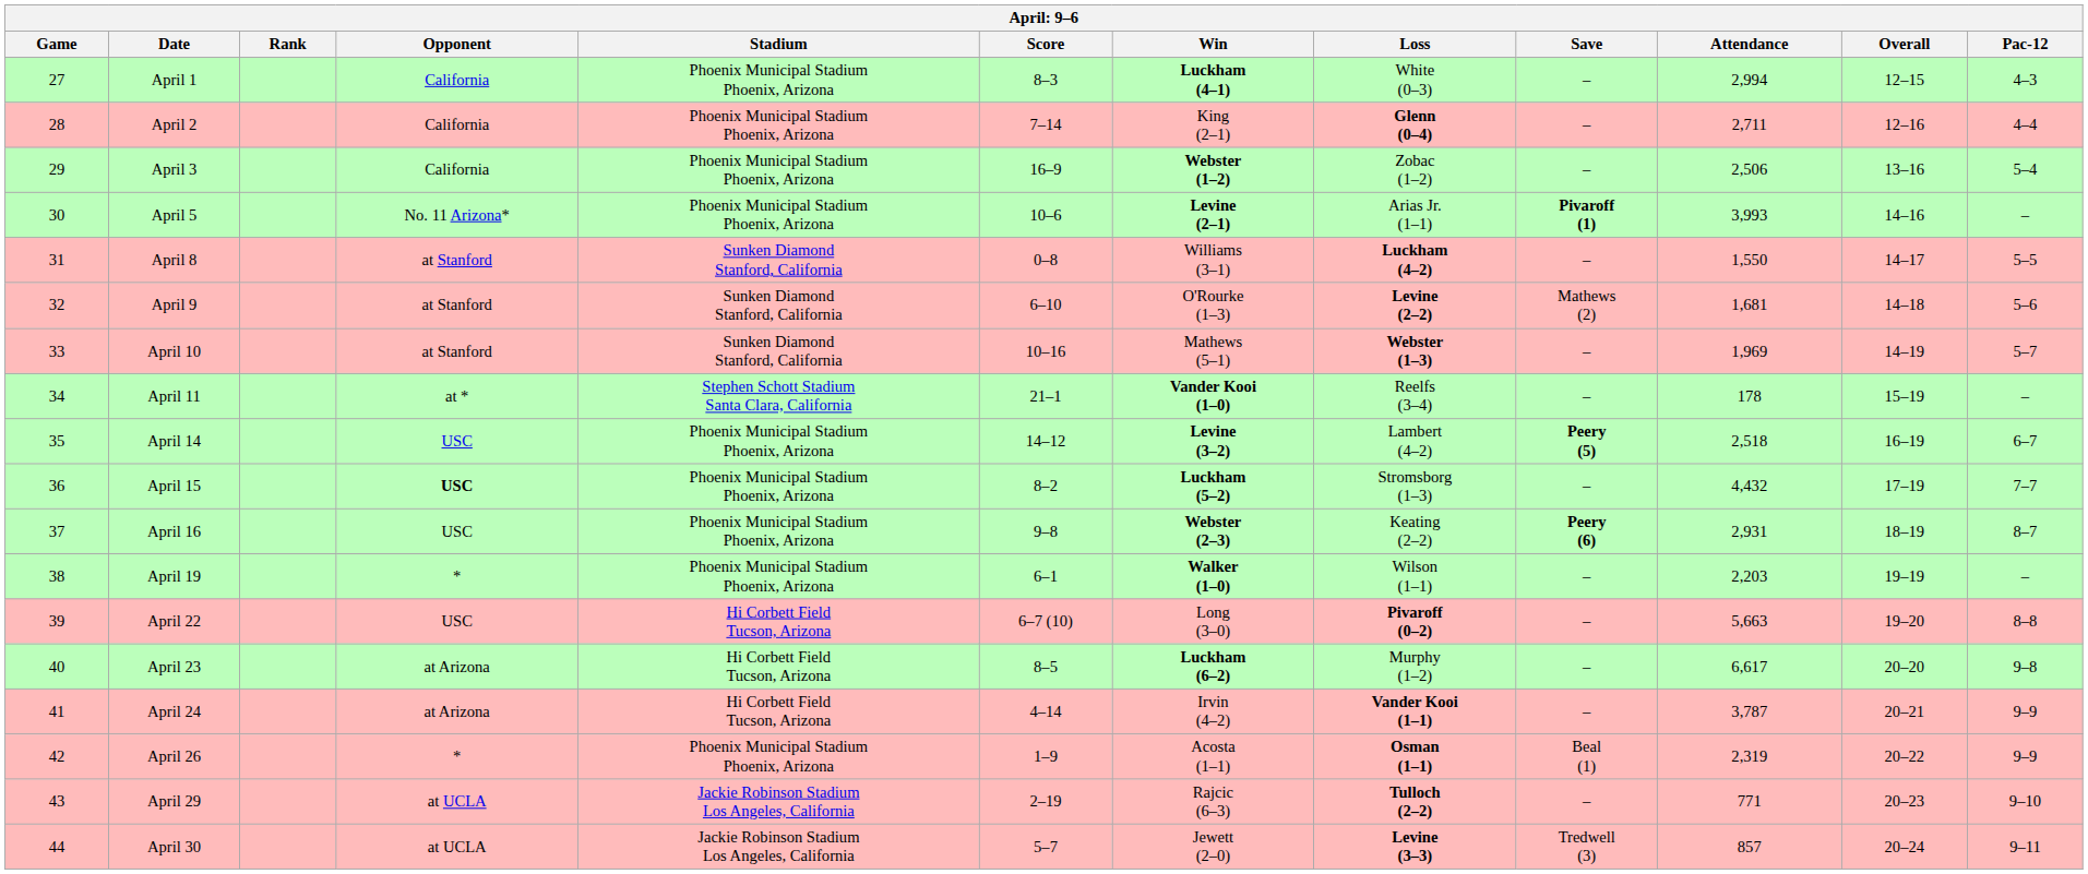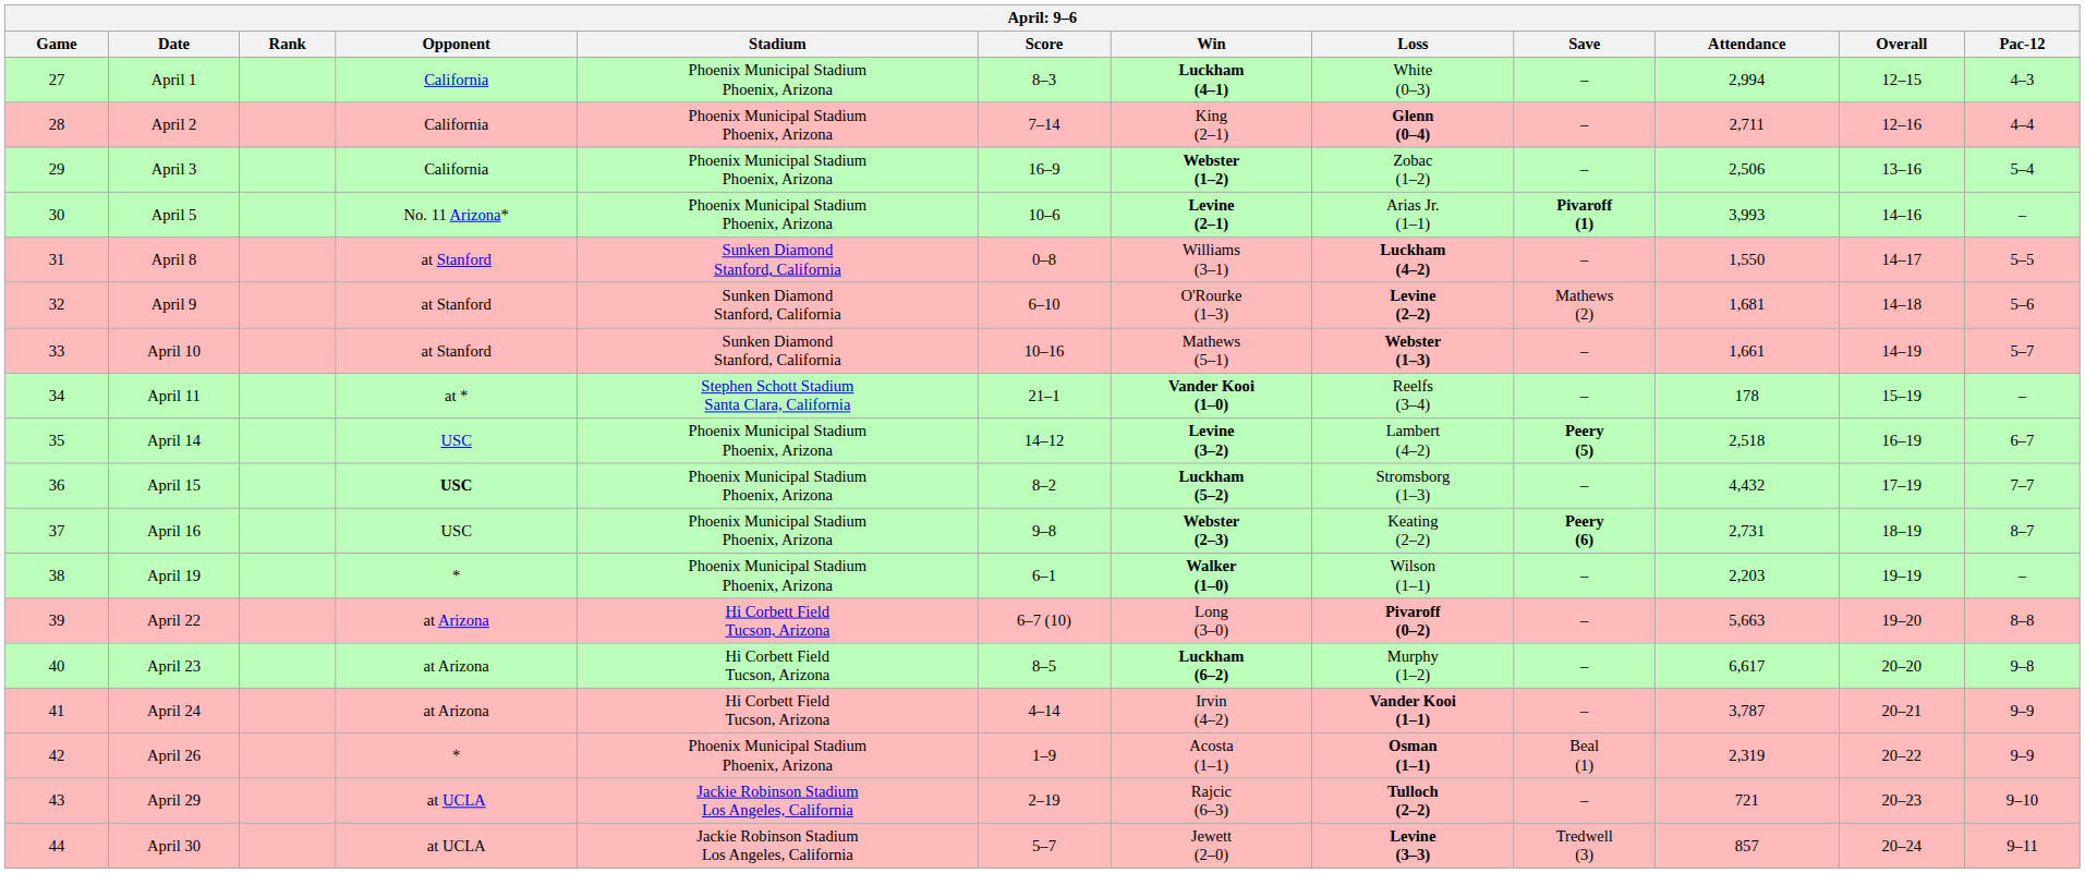 <table class="wikitable collapsible collapsed" style="margin:auto; width:100%; text-align:center; font-size:95%">
 <tr>
 <th colspan=12>April: 9–6</th>
 </tr>
 <tr>
 <th>Game</th>
 <th>Date</th>
 <th>Rank</th>
 <th>Opponent</th>
 <th>Stadium</th>
 <th>Score</th>
 <th>Win</th>
 <th>Loss</th>
 <th>Save</th>
 <th>Attendance</th>
 <th>Overall</th>
 <th>Pac-12</th>
 </tr>
 <tr style="background:#bfb;">
 <td>27</td>
 <td>April 1</td>
 <td></td>
 <td><a href='#'>California</a></td>
 <td>Phoenix Municipal Stadium<br>Phoenix, Arizona</td>
 <td>8–3</td>
 <td><strong>Luckham<br>(4–1)</strong></td>
 <td>White<br>(0–3)</td>
 <td>–</td>
 <td>2,994</td>
 <td>12–15</td>
 <td>4–3</td>
 </tr>
 <tr style="background:#fbb;">
 <td>28</td>
 <td>April 2</td>
 <td></td>
 <td>California</td>
 <td>Phoenix Municipal Stadium<br>Phoenix, Arizona</td>
 <td>7–14</td>
 <td>King<br>(2–1)</td>
 <td><strong>Glenn<br>(0–4)</strong></td>
 <td>–</td>
 <td>2,711</td>
 <td>12–16</td>
 <td>4–4</td>
 </tr>
 <tr style="background:#bfb;">
 <td>29</td>
 <td>April 3</td>
 <td></td>
 <td>California</td>
 <td>Phoenix Municipal Stadium<br>Phoenix, Arizona</td>
 <td>16–9</td>
 <td><strong>Webster<br>(1–2)</strong></td>
 <td>Zobac<br>(1–2)</td>
 <td>–</td>
 <td>2,506</td>
 <td>13–16</td>
 <td>5–4</td>
 </tr>
 <tr style="background:#bfb;">
 <td>30</td>
 <td>April 5</td>
 <td></td>
 <td>No. 11 <a href='#'>Arizona</a>*</td>
 <td>Phoenix Municipal Stadium<br>Phoenix, Arizona</td>
 <td>10–6</td>
 <td><strong>Levine<br>(2–1)</strong></td>
 <td>Arias Jr.<br>(1–1)</td>
 <td><strong>Pivaroff<br>(1)</strong></td>
 <td>3,993</td>
 <td>14–16</td>
 <td>–</td>
 </tr>
 <tr style="background:#fbb;">
 <td>31</td>
 <td>April 8</td>
 <td></td>
 <td>at <a href='#'>Stanford</a></td>
 <td><a href='#'>Sunken Diamond</a><br><a href='#'>Stanford, California</a></td>
 <td>0–8</td>
 <td>Williams<br>(3–1)</td>
 <td><strong>Luckham<br>(4–2)</strong></td>
 <td>–</td>
 <td>1,550</td>
 <td>14–17</td>
 <td>5–5</td>
 </tr>
 <tr style="background:#fbb;">
 <td>32</td>
 <td>April 9</td>
 <td></td>
 <td>at Stanford</td>
 <td>Sunken Diamond<br>Stanford, California</td>
 <td>6–10</td>
 <td>O'Rourke<br>(1–3)</td>
 <td><strong>Levine<br>(2–2)</strong></td>
 <td>Mathews<br>(2)</td>
 <td>1,681</td>
 <td>14–18</td>
 <td>5–6</td>
 </tr>
 <tr style="background:#fbb;">
 <td>33</td>
 <td>April 10</td>
 <td></td>
 <td>at Stanford</td>
 <td>Sunken Diamond<br>Stanford, California</td>
 <td>10–16</td>
 <td>Mathews<br>(5–1)</td>
 <td><strong>Webster<br>(1–3)</strong></td>
 <td>–</td>
-<td>1,969</td>
+<td>1,661</td>
 <td>14–19</td>
 <td>5–7</td>
 </tr>
 <tr style="background:#bfb;">
 <td>34</td>
 <td>April 11</td>
 <td></td>
 <td>at *</td>
 <td><a href='#'>Stephen Schott Stadium</a><br><a href='#'>Santa Clara, California</a></td>
 <td>21–1</td>
 <td><strong>Vander Kooi<br>(1–0)</strong></td>
 <td>Reelfs<br>(3–4)</td>
 <td>–</td>
 <td>178</td>
 <td>15–19</td>
 <td>–</td>
 </tr>
 <tr style="background:#bfb;">
 <td>35</td>
 <td>April 14</td>
 <td></td>
 <td><a href='#'>USC</a></td>
 <td>Phoenix Municipal Stadium<br>Phoenix, Arizona</td>
 <td>14–12</td>
 <td><strong>Levine<br>(3–2)</strong></td>
 <td>Lambert<br>(4–2)</td>
 <td><strong>Peery<br>(5)</strong></td>
 <td>2,518</td>
 <td>16–19</td>
 <td>6–7</td>
 </tr>
 <tr style="background:#bfb;">
 <td>36</td>
 <td>April 15</td>
 <td></td>
 <td><strong>USC</strong></td>
 <td>Phoenix Municipal Stadium<br>Phoenix, Arizona</td>
 <td>8–2</td>
 <td><strong>Luckham<br>(5–2)</strong></td>
 <td>Stromsborg<br>(1–3)</td>
 <td>–</td>
 <td>4,432</td>
 <td>17–19</td>
 <td>7–7</td>
 </tr>
 <tr style="background:#bfb;">
 <td>37</td>
 <td>April 16</td>
 <td></td>
 <td>USC</td>
 <td>Phoenix Municipal Stadium<br>Phoenix, Arizona</td>
 <td>9–8</td>
 <td><strong>Webster<br>(2–3)</strong></td>
 <td>Keating<br>(2–2)</td>
 <td><strong>Peery<br>(6)</strong></td>
-<td>2,931</td>
+<td>2,731</td>
 <td>18–19</td>
 <td>8–7</td>
 </tr>
 <tr style="background:#bfb;">
 <td>38</td>
 <td>April 19</td>
 <td></td>
 <td>*</td>
 <td>Phoenix Municipal Stadium<br>Phoenix, Arizona</td>
 <td>6–1</td>
 <td><strong>Walker<br>(1–0)</strong></td>
 <td>Wilson<br>(1–1)</td>
 <td>–</td>
 <td>2,203</td>
 <td>19–19</td>
 <td>–</td>
 </tr>
 <tr style="background:#fbb;">
 <td>39</td>
 <td>April 22</td>
 <td></td>
-<td>USC</td>
+<td>at <a href='#'>Arizona</a></td>
 <td><a href='#'>Hi Corbett Field</a><br><a href='#'>Tucson, Arizona</a></td>
 <td>6–7 (10)</td>
 <td>Long<br>(3–0)</td>
 <td><strong>Pivaroff<br>(0–2)</strong></td>
 <td>–</td>
 <td>5,663</td>
 <td>19–20</td>
 <td>8–8</td>
 </tr>
 <tr style="background:#bfb;">
 <td>40</td>
 <td>April 23</td>
 <td></td>
 <td>at Arizona</td>
 <td>Hi Corbett Field<br>Tucson, Arizona</td>
 <td>8–5</td>
 <td><strong>Luckham<br>(6–2)</strong></td>
 <td>Murphy<br>(1–2)</td>
 <td>–</td>
 <td>6,617</td>
 <td>20–20</td>
 <td>9–8</td>
 </tr>
 <tr style="background:#fbb;">
 <td>41</td>
 <td>April 24</td>
 <td></td>
 <td>at Arizona</td>
 <td>Hi Corbett Field<br>Tucson, Arizona</td>
 <td>4–14</td>
 <td>Irvin<br>(4–2)</td>
 <td><strong>Vander Kooi<br>(1–1)</strong></td>
 <td>–</td>
 <td>3,787</td>
 <td>20–21</td>
 <td>9–9</td>
 </tr>
 <tr style="background:#fbb;">
 <td>42</td>
 <td>April 26</td>
 <td></td>
 <td>*</td>
 <td>Phoenix Municipal Stadium<br>Phoenix, Arizona</td>
 <td>1–9</td>
 <td>Acosta<br>(1–1)</td>
 <td><strong>Osman<br>(1–1)</strong></td>
 <td>Beal<br>(1)</td>
 <td>2,319</td>
 <td>20–22</td>
 <td>9–9</td>
 </tr>
 <tr style="background:#fbb;">
 <td>43</td>
 <td>April 29</td>
 <td></td>
 <td>at <a href='#'>UCLA</a></td>
 <td><a href='#'>Jackie Robinson Stadium</a><br><a href='#'>Los Angeles, California</a></td>
 <td>2–19</td>
 <td>Rajcic<br>(6–3)</td>
 <td><strong>Tulloch<br>(2–2)</strong></td>
 <td>–</td>
-<td>771</td>
+<td>721</td>
 <td>20–23</td>
 <td>9–10</td>
 </tr>
 <tr style="background:#fbb;">
 <td>44</td>
 <td>April 30</td>
 <td></td>
 <td>at UCLA</td>
 <td>Jackie Robinson Stadium<br>Los Angeles, California</td>
 <td>5–7</td>
 <td>Jewett<br>(2–0)</td>
 <td><strong>Levine<br>(3–3)</strong></td>
 <td>Tredwell<br>(3)</td>
 <td>857</td>
 <td>20–24</td>
 <td>9–11</td>
 </tr>
 </table>
